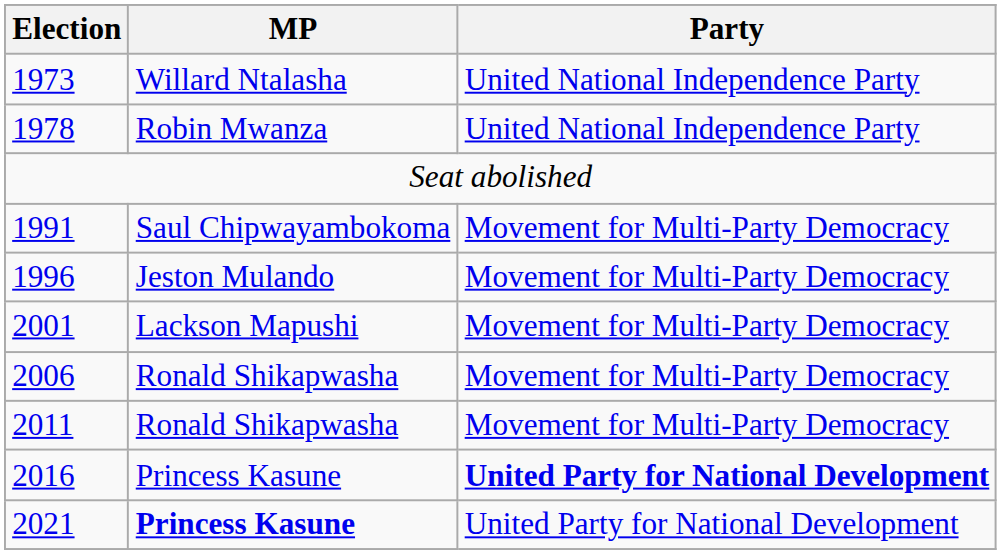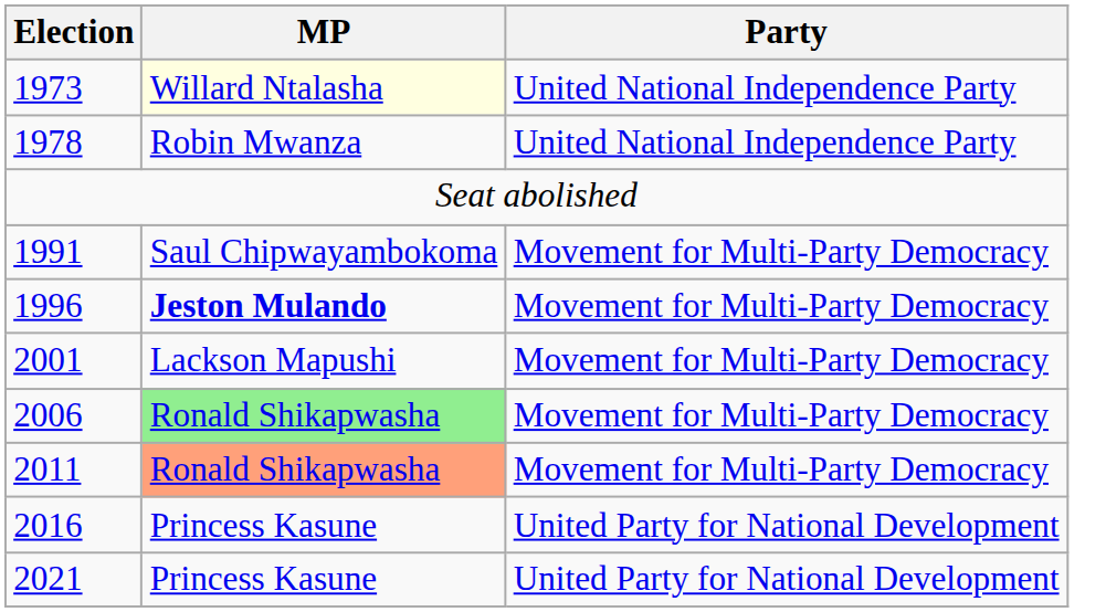 <table class=wikitable>
 <tr>
 <th>Election</th>
 <th>MP</th>
 <th>Party</th>
 </tr>
 <tr>
 <td><a href='#'>1973</a></td>
-<td><a href='#'>Willard Ntalasha</a></td>
+<td style="background: lightyellow;"><a href='#'>Willard Ntalasha</a></td>
 <td><a href='#'>United National Independence Party</a></td>
 </tr>
 <tr>
 <td><a href='#'>1978</a></td>
 <td><a href='#'>Robin Mwanza</a></td>
 <td><a href='#'>United National Independence Party</a></td>
 </tr>
 <tr>
 <td colspan=3 align=center><em>Seat abolished</em></td>
 </tr>
 <tr>
 <td><a href='#'>1991</a></td>
 <td><a href='#'>Saul Chipwayambokoma</a></td>
 <td><a href='#'>Movement for Multi-Party Democracy</a></td>
 </tr>
 <tr>
 <td><a href='#'>1996</a></td>
-<td><a href='#'>Jeston Mulando</a></td>
+<td><strong><a href='#'>Jeston Mulando</a></strong></td>
 <td><a href='#'>Movement for Multi-Party Democracy</a></td>
 </tr>
 <tr>
 <td><a href='#'>2001</a></td>
 <td><a href='#'>Lackson Mapushi</a></td>
 <td><a href='#'>Movement for Multi-Party Democracy</a></td>
 </tr>
 <tr>
 <td><a href='#'>2006</a></td>
-<td><a href='#'>Ronald Shikapwasha</a></td>
+<td style="background: lightgreen;"><a href='#'>Ronald Shikapwasha</a></td>
 <td><a href='#'>Movement for Multi-Party Democracy</a></td>
 </tr>
 <tr>
 <td><a href='#'>2011</a></td>
-<td><a href='#'>Ronald Shikapwasha</a></td>
+<td style="background: lightsalmon;"><a href='#'>Ronald Shikapwasha</a></td>
 <td><a href='#'>Movement for Multi-Party Democracy</a></td>
 </tr>
 <tr>
 <td><a href='#'>2016</a></td>
 <td><a href='#'>Princess Kasune</a></td>
-<td><strong><a href='#'>United Party for National Development</a></strong></td>
+<td><a href='#'>United Party for National Development</a></td>
 </tr>
 <tr>
 <td><a href='#'>2021</a></td>
-<td><strong><a href='#'>Princess Kasune</a></strong></td>
+<td><a href='#'>Princess Kasune</a></td>
 <td><a href='#'>United Party for National Development</a></td>
 </tr>
 </table>
